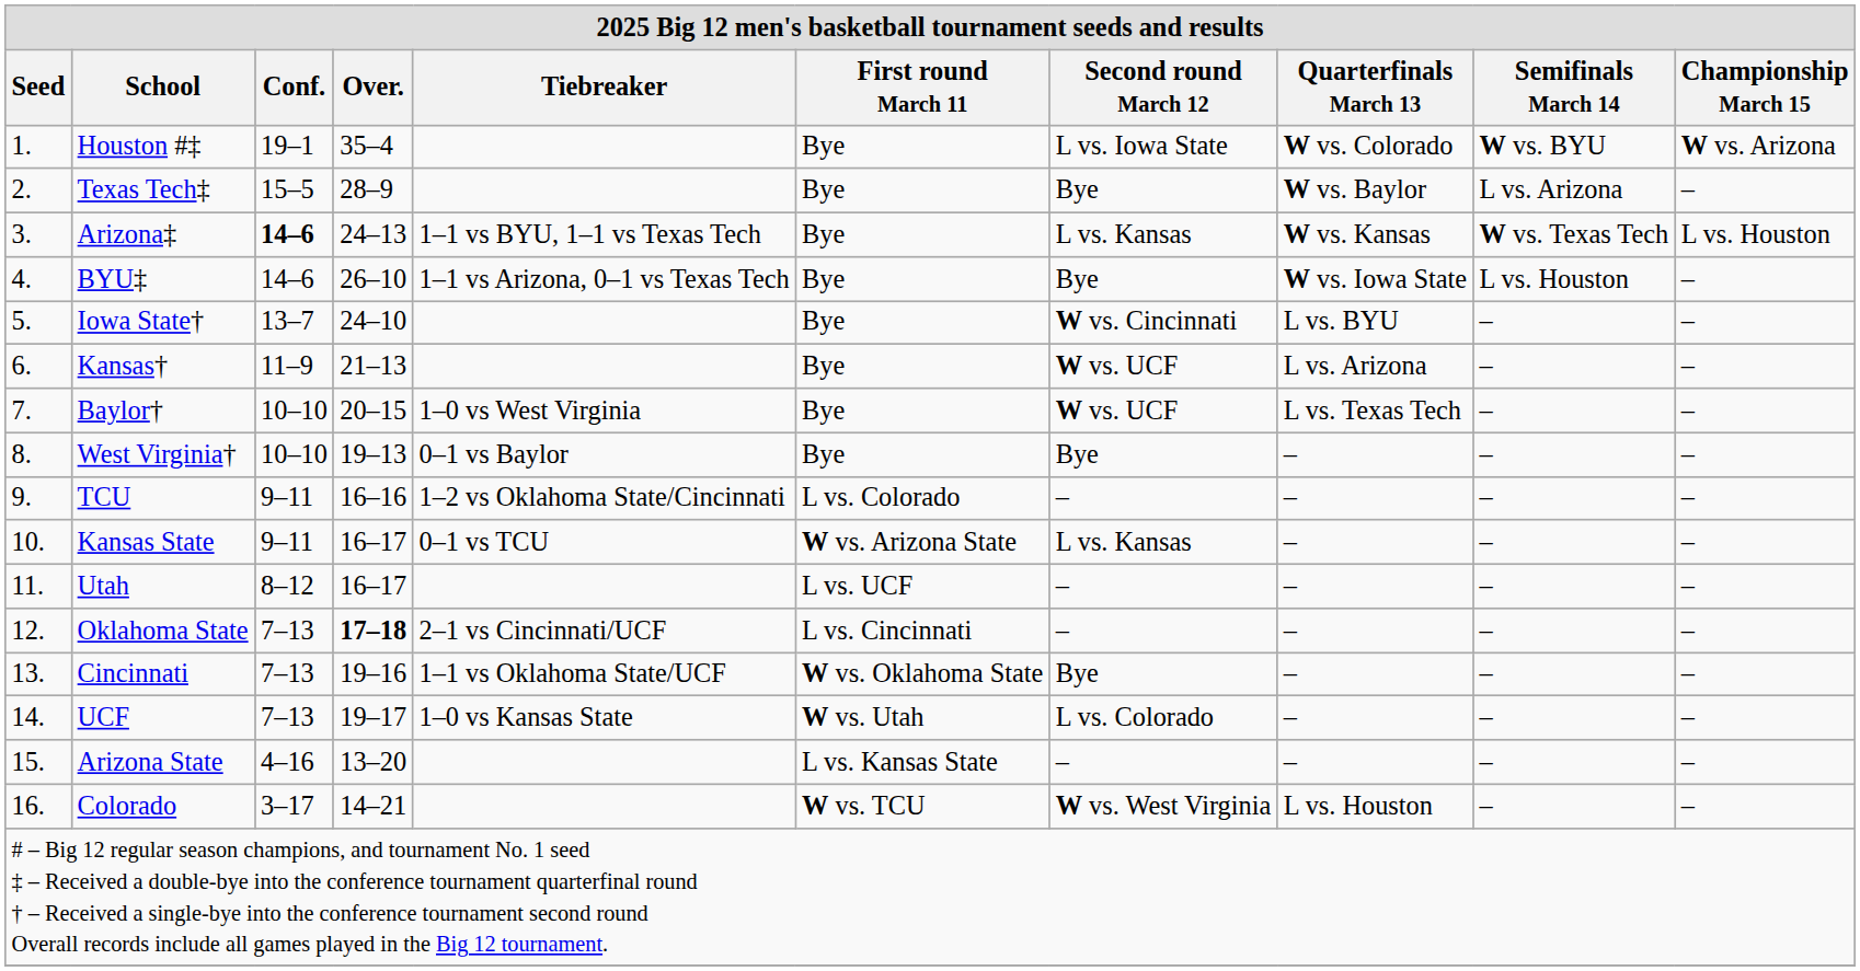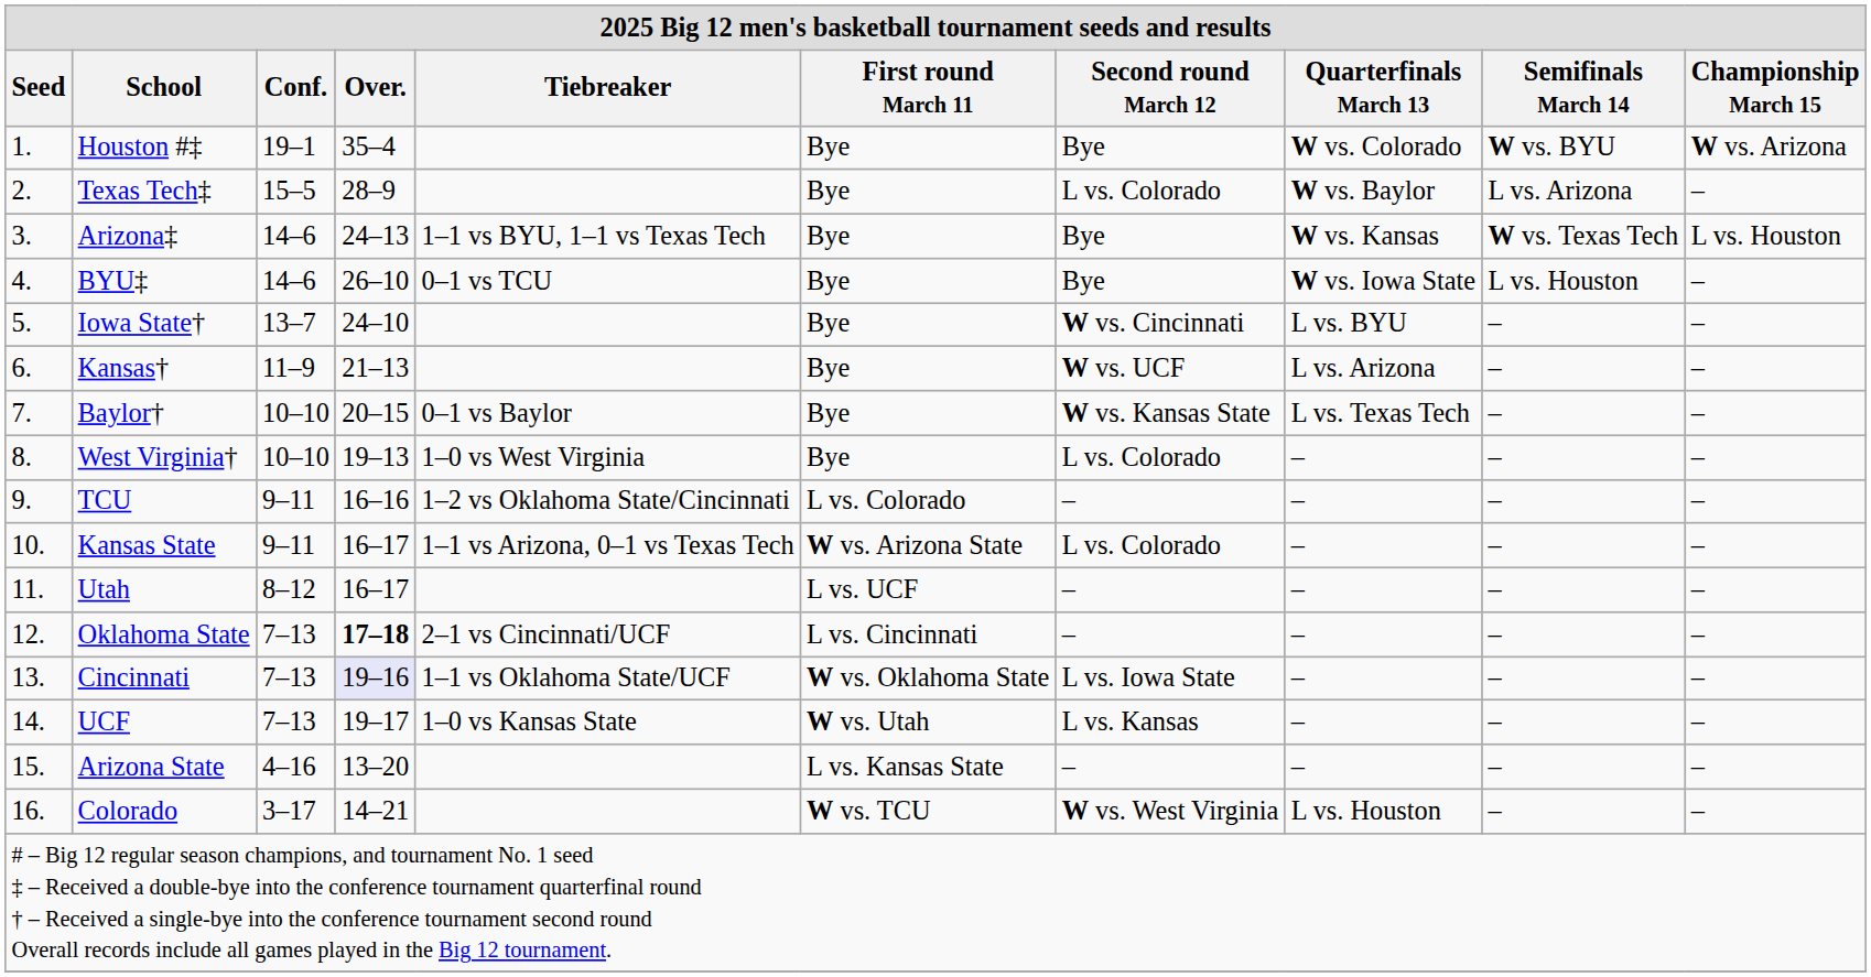 <table class="wikitable" style="white-space:nowrap; font-size:90%;">
 <tr>
 <td colspan="10" style="text-align:center; background:#DDDDDD; font:#000000"><strong>2025 Big 12 men's basketball tournament seeds and results</strong></td>
 </tr>
 <tr bgcolor="#efefef">
 <th>Seed</th>
 <th>School</th>
 <th>Conf.</th>
 <th>Over.</th>
 <th>Tiebreaker</th>
 <th>First round<br><small>March 11 </small></th>
 <th>Second round<br><small>March 12 </small></th>
 <th>Quarterfinals<br><small>March 13</small></th>
 <th>Semifinals<br><small>March 14</small></th>
 <th>Championship<br><small>March 15</small></th>
 </tr>
 <tr>
 <td>1.</td>
 <td><a href='#'>Houston</a> #‡</td>
 <td>19–1</td>
 <td>35–4</td>
 <td></td>
 <td>Bye</td>
-<td>L vs. Iowa State</td>
+<td>Bye</td>
 <td><strong>W</strong> vs. Colorado</td>
 <td><strong>W</strong> vs. BYU</td>
 <td><strong>W</strong> vs. Arizona</td>
 </tr>
 <tr>
 <td>2.</td>
 <td><a href='#'>Texas Tech</a>‡</td>
 <td>15–5</td>
 <td>28–9</td>
 <td></td>
 <td>Bye</td>
-<td>Bye</td>
+<td>L vs. Colorado</td>
 <td><strong>W</strong> vs. Baylor</td>
 <td>L vs. Arizona</td>
 <td>–</td>
 </tr>
 <tr>
 <td>3.</td>
 <td><a href='#'>Arizona</a>‡</td>
-<td><strong>14–6</strong></td>
+<td>14–6</td>
 <td>24–13</td>
 <td>1–1 vs BYU, 1–1 vs Texas Tech</td>
 <td>Bye</td>
-<td>L vs. Kansas</td>
+<td>Bye</td>
 <td><strong>W</strong> vs. Kansas</td>
 <td><strong>W</strong> vs. Texas Tech</td>
 <td>L vs. Houston</td>
 </tr>
 <tr>
 <td>4.</td>
 <td><a href='#'>BYU</a>‡</td>
 <td>14–6</td>
 <td>26–10</td>
-<td>1–1 vs Arizona, 0–1 vs Texas Tech</td>
+<td>0–1 vs TCU</td>
 <td>Bye</td>
 <td>Bye</td>
 <td><strong>W</strong> vs. Iowa State</td>
 <td>L vs. Houston</td>
 <td>–</td>
 </tr>
 <tr>
 <td>5.</td>
 <td><a href='#'>Iowa State</a>†</td>
 <td>13–7</td>
 <td>24–10</td>
 <td></td>
 <td>Bye</td>
 <td><strong>W</strong> vs. Cincinnati</td>
 <td>L vs. BYU</td>
 <td>–</td>
 <td>–</td>
 </tr>
 <tr>
 <td>6.</td>
 <td><a href='#'>Kansas</a>†</td>
 <td>11–9</td>
 <td>21–13</td>
 <td></td>
 <td>Bye</td>
 <td><strong>W</strong> vs. UCF</td>
 <td>L vs. Arizona</td>
 <td>–</td>
 <td>–</td>
 </tr>
 <tr>
 <td>7.</td>
 <td><a href='#'>Baylor</a>†</td>
 <td>10–10</td>
 <td>20–15</td>
-<td>1–0 vs West Virginia</td>
+<td>0–1 vs Baylor</td>
 <td>Bye</td>
-<td><strong>W</strong> vs. UCF</td>
+<td><strong>W</strong> vs. Kansas State</td>
 <td>L vs. Texas Tech</td>
 <td>–</td>
 <td>–</td>
 </tr>
 <tr>
 <td>8.</td>
 <td><a href='#'>West Virginia</a>†</td>
 <td>10–10</td>
 <td>19–13</td>
-<td>0–1 vs Baylor</td>
+<td>1–0 vs West Virginia</td>
 <td>Bye</td>
-<td>Bye</td>
+<td>L vs. Colorado</td>
 <td>–</td>
 <td>–</td>
 <td>–</td>
 </tr>
 <tr>
 <td>9.</td>
 <td><a href='#'>TCU</a></td>
 <td>9–11</td>
 <td>16–16</td>
 <td>1–2 vs Oklahoma State/Cincinnati</td>
 <td>L vs. Colorado</td>
 <td>–</td>
 <td>–</td>
 <td>–</td>
 <td>–</td>
 </tr>
 <tr>
 <td>10.</td>
 <td><a href='#'>Kansas State</a></td>
 <td>9–11</td>
 <td>16–17</td>
-<td>0–1 vs TCU</td>
+<td>1–1 vs Arizona, 0–1 vs Texas Tech</td>
 <td><strong>W</strong> vs. Arizona State</td>
-<td>L vs. Kansas</td>
+<td>L vs. Colorado</td>
 <td>–</td>
 <td>–</td>
 <td>–</td>
 </tr>
 <tr>
 <td>11.</td>
 <td><a href='#'>Utah</a></td>
 <td>8–12</td>
 <td>16–17</td>
 <td></td>
 <td>L vs. UCF</td>
 <td>–</td>
 <td>–</td>
 <td>–</td>
 <td>–</td>
 </tr>
 <tr>
 <td>12.</td>
 <td><a href='#'>Oklahoma State</a></td>
 <td>7–13</td>
 <td><strong>17–18</strong></td>
 <td>2–1 vs Cincinnati/UCF</td>
 <td>L vs. Cincinnati</td>
 <td>–</td>
 <td>–</td>
 <td>–</td>
 <td>–</td>
 </tr>
 <tr>
 <td>13.</td>
 <td><a href='#'>Cincinnati</a></td>
 <td>7–13</td>
-<td>19–16</td>
+<td style="background: lavender;">19–16</td>
 <td>1–1 vs Oklahoma State/UCF</td>
 <td><strong>W</strong> vs. Oklahoma State</td>
-<td>Bye</td>
+<td>L vs. Iowa State</td>
 <td>–</td>
 <td>–</td>
 <td>–</td>
 </tr>
 <tr>
 <td>14.</td>
 <td><a href='#'>UCF</a></td>
 <td>7–13</td>
 <td>19–17</td>
 <td>1–0 vs Kansas State</td>
 <td><strong>W</strong> vs. Utah</td>
-<td>L vs. Colorado</td>
+<td>L vs. Kansas</td>
 <td>–</td>
 <td>–</td>
 <td>–</td>
 </tr>
 <tr>
 <td>15.</td>
 <td><a href='#'>Arizona State</a></td>
 <td>4–16</td>
 <td>13–20</td>
 <td></td>
 <td>L vs. Kansas State</td>
 <td>–</td>
 <td>–</td>
 <td>–</td>
 <td>–</td>
 </tr>
 <tr>
 <td>16.</td>
 <td><a href='#'>Colorado</a></td>
 <td>3–17</td>
 <td>14–21</td>
 <td></td>
 <td><strong>W</strong> vs. TCU</td>
 <td><strong>W</strong> vs. West Virginia</td>
 <td>L vs. Houston</td>
 <td>–</td>
 <td>–</td>
 </tr>
 <tr>
 <td colspan="10" style="text-align:left;"><small># – Big 12 regular season champions, and tournament No. 1 seed<br>‡ – Received a double-bye into the conference tournament quarterfinal round<br>† – Received a single-bye into the conference tournament second round<br>Overall records include all games played in the <a href='#'>Big 12 tournament</a>.</small></td>
 </tr>
 <tr>
 </tr>
 </table>
